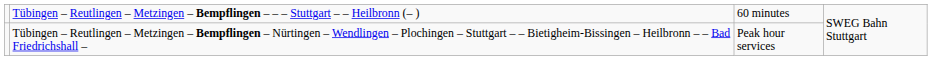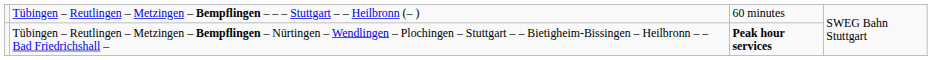 <table class="wikitable">
 <tr>
 <td></td>
 <td><a href='#'>Tübingen</a> – <a href='#'>Reutlingen</a> – <a href='#'>Metzingen</a> – <strong>Bempflingen</strong> –  –  – <a href='#'>Stuttgart</a> –  – <a href='#'>Heilbronn</a> (– )</td>
 <td>60 minutes</td>
 <td rowspan=2>SWEG Bahn Stuttgart</td>
 </tr>
 <tr>
 <td></td>
 <td>Tübingen – Reutlingen – Metzingen – <strong>Bempflingen</strong> – Nürtingen – <a href='#'>Wendlingen</a> – Plochingen – Stuttgart –  – Bietigheim-Bissingen – Heilbronn –  – <a href='#'>Bad Friedrichshall</a> – </td>
-<td>Peak hour services</td>
+<td><strong>Peak hour services</strong></td>
 </tr>
 </table>
